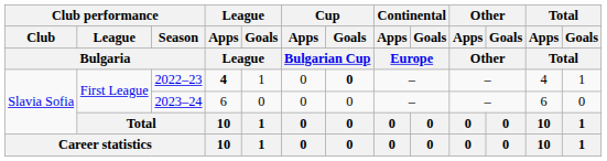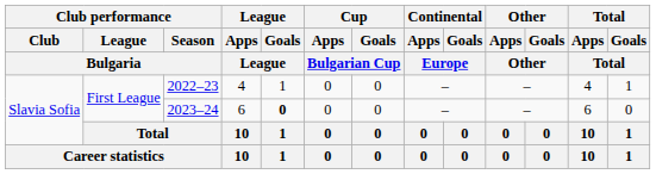 <table class="wikitable" style="text-align: center">
 <tr>
 <th colspan="3">Club performance</th>
 <th colspan="2">League</th>
 <th colspan="2">Cup</th>
 <th colspan="2">Continental</th>
 <th colspan="2">Other</th>
 <th colspan="3">Total</th>
 </tr>
 <tr>
 <th>Club</th>
 <th>League</th>
 <th>Season</th>
 <th>Apps</th>
 <th>Goals</th>
 <th>Apps</th>
 <th>Goals</th>
 <th>Apps</th>
 <th>Goals</th>
 <th>Apps</th>
 <th>Goals</th>
 <th>Apps</th>
 <th>Goals</th>
 </tr>
 <tr>
 <th colspan="3">Bulgaria</th>
 <th colspan="2">League</th>
 <th colspan="2"><a href='#'>Bulgarian Cup</a></th>
 <th colspan="2"><a href='#'>Europe</a></th>
 <th colspan="2">Other</th>
 <th colspan="2">Total</th>
 </tr>
 <tr>
 <td rowspan="3" valign="center"><a href='#'>Slavia Sofia</a></td>
 <td rowspan="2"><a href='#'>First League</a></td>
 <td><a href='#'>2022–23</a></td>
-<td><strong>4</strong></td>
+<td>4</td>
 <td>1</td>
 <td>0</td>
-<td><strong>0</strong></td>
+<td>0</td>
 <td colspan="2">–</td>
 <td colspan="2">–</td>
 <td>4</td>
 <td>1</td>
 </tr>
 <tr>
 <td><a href='#'>2023–24</a></td>
 <td>6</td>
-<td>0</td>
+<td><strong>0</strong></td>
 <td>0</td>
 <td>0</td>
 <td colspan="2">–</td>
 <td colspan="2">–</td>
 <td>6</td>
 <td>0</td>
 </tr>
 <tr>
 <th colspan=2>Total</th>
 <th>10</th>
 <th>1</th>
 <th>0</th>
 <th>0</th>
 <th>0</th>
 <th>0</th>
 <th>0</th>
 <th>0</th>
 <th>10</th>
 <th>1</th>
 </tr>
 <tr>
 <th colspan="3">Career statistics</th>
 <th>10</th>
 <th>1</th>
 <th>0</th>
 <th>0</th>
 <th>0</th>
 <th>0</th>
 <th>0</th>
 <th>0</th>
 <th>10</th>
 <th>1</th>
 </tr>
 </table>
